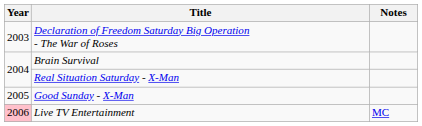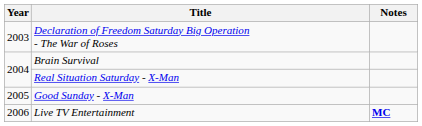 <table class="wikitable" style="width:600px">
 <tr>
 <th width=10>Year</th>
 <th>Title</th>
 <th>Notes</th>
 </tr>
 <tr>
 <td>2003</td>
 <td><em><a href='#'>Declaration of Freedom Saturday Big Operation</a> <br> - The War of Roses</em></td>
 <td></td>
 </tr>
 <tr>
 <td rowspan="2">2004</td>
 <td><em>Brain Survival</em></td>
 <td></td>
 </tr>
 <tr>
 <td><em><a href='#'>Real Situation Saturday</a> - <a href='#'>X-Man</a></em></td>
 <td></td>
 </tr>
 <tr>
 <td>2005</td>
 <td><em><a href='#'>Good Sunday</a> - <a href='#'>X-Man</a></em></td>
 <td></td>
 </tr>
 <tr>
-<td style="background: pink;">2006</td>
+<td>2006</td>
 <td><em>Live TV Entertainment</em></td>
-<td><a href='#'>MC</a></td>
+<td><strong><a href='#'>MC</a></strong></td>
 </tr>
 </table>
